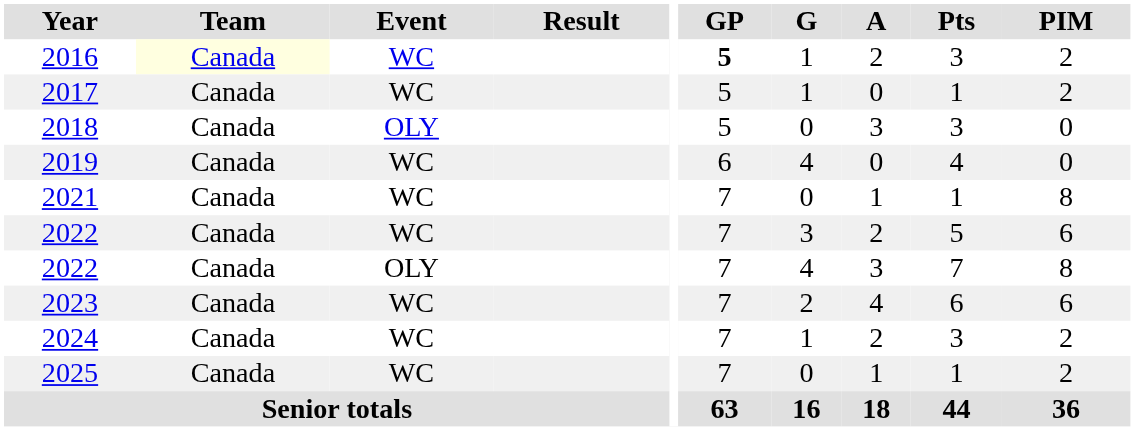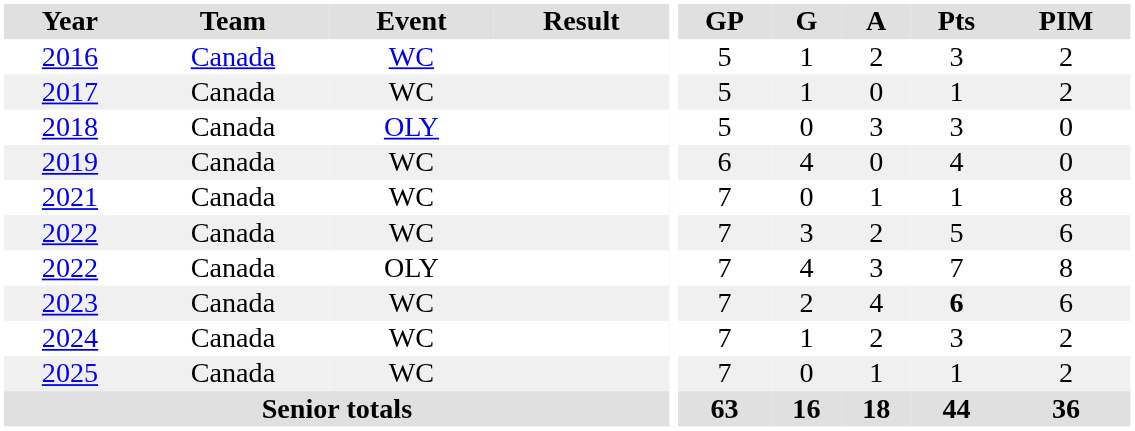 <table border="0" cellpadding="1" cellspacing="0" ID="Table3" style="text-align:center; width:40em;">
 <tr bgcolor="#e0e0e0">
 <th>Year</th>
 <th>Team</th>
 <th>Event</th>
 <th>Result</th>
 <th rowspan="102" bgcolor="#ffffff"></th>
 <th>GP</th>
 <th>G</th>
 <th>A</th>
 <th>Pts</th>
 <th>PIM</th>
 </tr>
 <tr>
 <td><a href='#'>2016</a></td>
-<td style="background: lightyellow;"><a href='#'>Canada</a></td>
+<td><a href='#'>Canada</a></td>
 <td><a href='#'>WC</a></td>
 <td></td>
-<td><strong>5</strong></td>
+<td>5</td>
 <td>1</td>
 <td>2</td>
 <td>3</td>
 <td>2</td>
 </tr>
 <tr bgcolor="#f0f0f0">
 <td><a href='#'>2017</a></td>
 <td>Canada</td>
 <td>WC</td>
 <td></td>
 <td>5</td>
 <td>1</td>
 <td>0</td>
 <td>1</td>
 <td>2</td>
 </tr>
 <tr>
 <td><a href='#'>2018</a></td>
 <td>Canada</td>
 <td><a href='#'>OLY</a></td>
 <td></td>
 <td>5</td>
 <td>0</td>
 <td>3</td>
 <td>3</td>
 <td>0</td>
 </tr>
 <tr bgcolor="#f0f0f0">
 <td><a href='#'>2019</a></td>
 <td>Canada</td>
 <td>WC</td>
 <td></td>
 <td>6</td>
 <td>4</td>
 <td>0</td>
 <td>4</td>
 <td>0</td>
 </tr>
 <tr>
 <td><a href='#'>2021</a></td>
 <td>Canada</td>
 <td>WC</td>
 <td></td>
 <td>7</td>
 <td>0</td>
 <td>1</td>
 <td>1</td>
 <td>8</td>
 </tr>
 <tr bgcolor="#f0f0f0">
 <td><a href='#'>2022</a></td>
 <td>Canada</td>
 <td>WC</td>
 <td></td>
 <td>7</td>
 <td>3</td>
 <td>2</td>
 <td>5</td>
 <td>6</td>
 </tr>
 <tr>
 <td><a href='#'>2022</a></td>
 <td>Canada</td>
 <td>OLY</td>
 <td></td>
 <td>7</td>
 <td>4</td>
 <td>3</td>
 <td>7</td>
 <td>8</td>
 </tr>
 <tr bgcolor="#f0f0f0">
 <td><a href='#'>2023</a></td>
 <td>Canada</td>
 <td>WC</td>
 <td></td>
 <td>7</td>
 <td>2</td>
 <td>4</td>
-<td>6</td>
+<td><strong>6</strong></td>
 <td>6</td>
 </tr>
 <tr>
 <td><a href='#'>2024</a></td>
 <td>Canada</td>
 <td>WC</td>
 <td></td>
 <td>7</td>
 <td>1</td>
 <td>2</td>
 <td>3</td>
 <td>2</td>
 </tr>
 <tr bgcolor="#f0f0f0">
 <td><a href='#'>2025</a></td>
 <td>Canada</td>
 <td>WC</td>
 <td></td>
 <td>7</td>
 <td>0</td>
 <td>1</td>
 <td>1</td>
 <td>2</td>
 </tr>
 <tr bgcolor="#e0e0e0">
 <th colspan="4">Senior totals</th>
 <th>63</th>
 <th>16</th>
 <th>18</th>
 <th>44</th>
 <th>36</th>
 </tr>
 </table>
